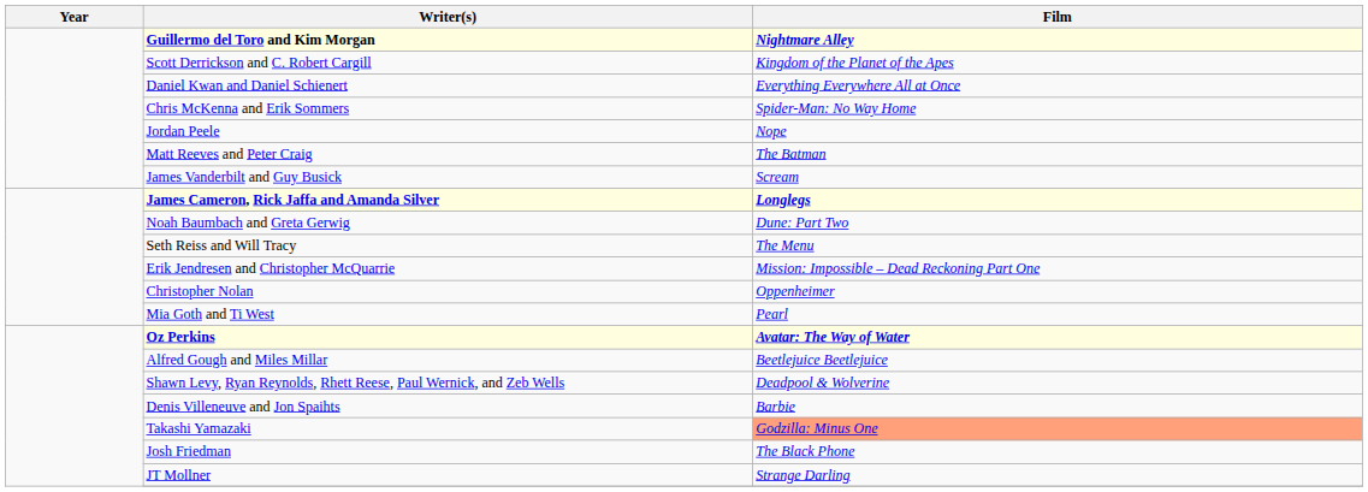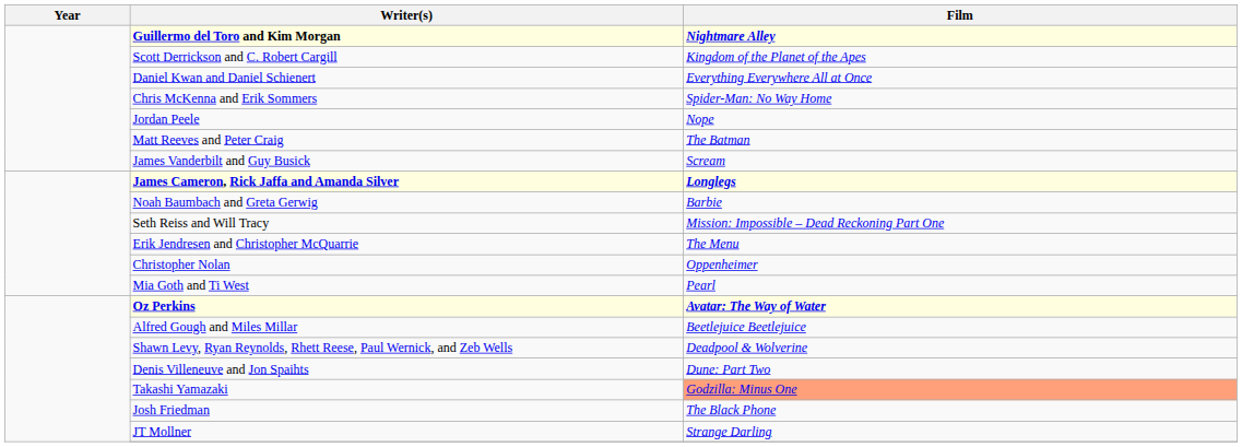 <table class="wikitable" width="95%">
 <tr>
 <th width=7%>Year</th>
 <th width=31%>Writer(s)</th>
 <th width=31%>Film</th>
 </tr>
 <tr>
 <td rowspan="7"></td>
 <td style="background:lightyellow"><strong><a href='#'>Guillermo del Toro</a> and Kim Morgan</strong></td>
 <td style="background:lightyellow"><strong><em><a href='#'>Nightmare Alley</a></em></strong></td>
 </tr>
 <tr>
 <td><a href='#'>Scott Derrickson</a> and <a href='#'>C. Robert Cargill</a></td>
 <td><em><a href='#'>Kingdom of the Planet of the Apes</a></em></td>
 </tr>
 <tr>
 <td><a href='#'>Daniel Kwan and Daniel Schienert</a></td>
 <td><em><a href='#'>Everything Everywhere All at Once</a></em></td>
 </tr>
 <tr>
 <td><a href='#'>Chris McKenna</a> and <a href='#'>Erik Sommers</a></td>
 <td><em><a href='#'>Spider-Man: No Way Home</a></em></td>
 </tr>
 <tr>
 <td><a href='#'>Jordan Peele</a></td>
 <td><em><a href='#'>Nope</a></em></td>
 </tr>
 <tr>
 <td><a href='#'>Matt Reeves</a> and <a href='#'>Peter Craig</a></td>
 <td><em><a href='#'>The Batman</a></em></td>
 </tr>
 <tr>
 <td><a href='#'>James Vanderbilt</a> and <a href='#'>Guy Busick</a></td>
 <td><em><a href='#'>Scream</a></em></td>
 </tr>
 <tr>
 <td rowspan="6"></td>
 <td style="background:lightyellow"><strong><a href='#'>James Cameron</a>, <a href='#'>Rick Jaffa and Amanda Silver</a></strong></td>
 <td style="background:lightyellow"><strong><em><a href='#'>Longlegs</a></em></strong></td>
 </tr>
 <tr>
 <td><a href='#'>Noah Baumbach</a> and <a href='#'>Greta Gerwig</a></td>
-<td><em><a href='#'>Dune: Part Two</a></em></td>
+<td><em><a href='#'>Barbie</a></em></td>
 </tr>
 <tr>
 <td>Seth Reiss and Will Tracy</td>
-<td><em><a href='#'>The Menu</a></em></td>
+<td><em><a href='#'>Mission: Impossible – Dead Reckoning Part One</a></em></td>
 </tr>
 <tr>
 <td><a href='#'>Erik Jendresen</a> and <a href='#'>Christopher McQuarrie</a></td>
-<td><em><a href='#'>Mission: Impossible – Dead Reckoning Part One</a></em></td>
+<td><em><a href='#'>The Menu</a></em></td>
 </tr>
 <tr>
 <td><a href='#'>Christopher Nolan</a></td>
 <td><em><a href='#'>Oppenheimer</a></em></td>
 </tr>
 <tr>
 <td><a href='#'>Mia Goth</a> and <a href='#'>Ti West</a></td>
 <td><em><a href='#'>Pearl</a></em></td>
 </tr>
 <tr>
 <td rowspan="8"></td>
 <td style="background:lightyellow"><strong><a href='#'>Oz Perkins</a></strong></td>
 <td style="background:lightyellow"><strong><em><a href='#'>Avatar: The Way of Water</a></em></strong></td>
 </tr>
 <tr>
 <td><a href='#'>Alfred Gough</a> and <a href='#'>Miles Millar</a></td>
 <td><em><a href='#'>Beetlejuice Beetlejuice</a></em></td>
 </tr>
 <tr>
 <td><a href='#'>Shawn Levy</a>, <a href='#'>Ryan Reynolds</a>, <a href='#'>Rhett Reese</a>, <a href='#'>Paul Wernick</a>, and <a href='#'>Zeb Wells</a></td>
 <td><em><a href='#'>Deadpool & Wolverine</a></em></td>
 </tr>
 <tr>
 <td><a href='#'>Denis Villeneuve</a> and <a href='#'>Jon Spaihts</a></td>
-<td><em><a href='#'>Barbie</a></em></td>
+<td><em><a href='#'>Dune: Part Two</a></em></td>
 </tr>
 <tr>
 <td><a href='#'>Takashi Yamazaki</a></td>
 <td style="background: lightsalmon;"><em><a href='#'>Godzilla: Minus One</a></em></td>
 </tr>
 <tr>
 <td><a href='#'>Josh Friedman</a></td>
 <td><em><a href='#'>The Black Phone</a></em></td>
 </tr>
 <tr>
 <td><a href='#'>JT Mollner</a></td>
 <td><em><a href='#'>Strange Darling</a></em></td>
 </tr>
 <tr>
 </tr>
 </table>
